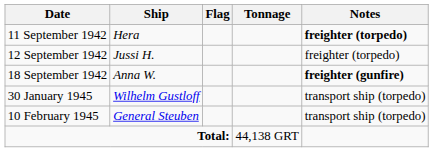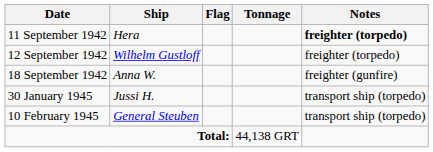 <table class="wikitable" style="margin:1em auto;">
 <tr>
 <th>Date</th>
 <th>Ship</th>
 <th>Flag</th>
 <th>Tonnage</th>
 <th>Notes</th>
 </tr>
 <tr>
 <td>11 September 1942</td>
 <td><em>Hera</em></td>
 <td></td>
 <td></td>
 <td><strong>freighter (torpedo)</strong></td>
 </tr>
 <tr>
 <td>12 September 1942</td>
-<td><em>Jussi H.</em></td>
+<td><em><a href='#'>Wilhelm Gustloff</a></em></td>
 <td></td>
 <td></td>
 <td>freighter (torpedo)</td>
 </tr>
 <tr>
 <td>18 September 1942</td>
 <td><em>Anna W.</em></td>
 <td></td>
 <td></td>
-<td><strong>freighter (gunfire)</strong></td>
+<td>freighter (gunfire)</td>
 </tr>
 <tr>
 <td>30 January 1945</td>
-<td><em><a href='#'>Wilhelm Gustloff</a></em></td>
+<td><em>Jussi H.</em></td>
 <td></td>
 <td></td>
 <td>transport ship (torpedo)</td>
 </tr>
 <tr>
 <td>10 February 1945</td>
 <td><em><a href='#'>General Steuben</a></em></td>
 <td></td>
 <td></td>
 <td>transport ship (torpedo)</td>
 </tr>
 <tr>
 <td colspan=3 align=right><strong>Total:</strong></td>
 <td>44,138 GRT</td>
 <td></td>
 </tr>
 </table>
